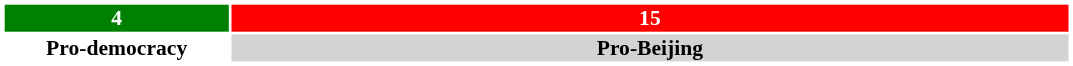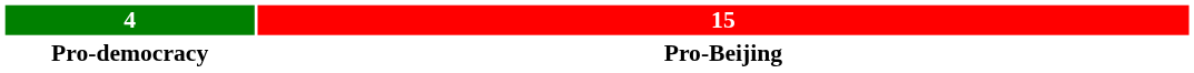 <table style="width:50%; text-align:center;">
 <tr style="color:white;">
 <td style="background:green; width:21.1%;"><strong>4</strong></td>
 <td style="background:red; width:78.9%;"><strong>15</strong></td>
 </tr>
 <tr>
 <td><span><strong>Pro-democracy</strong></span></td>
-<td style="background: lightgrey;"><span><strong>Pro-Beijing</strong></span></td>
+<td><span><strong>Pro-Beijing</strong></span></td>
 </tr>
 </table>
